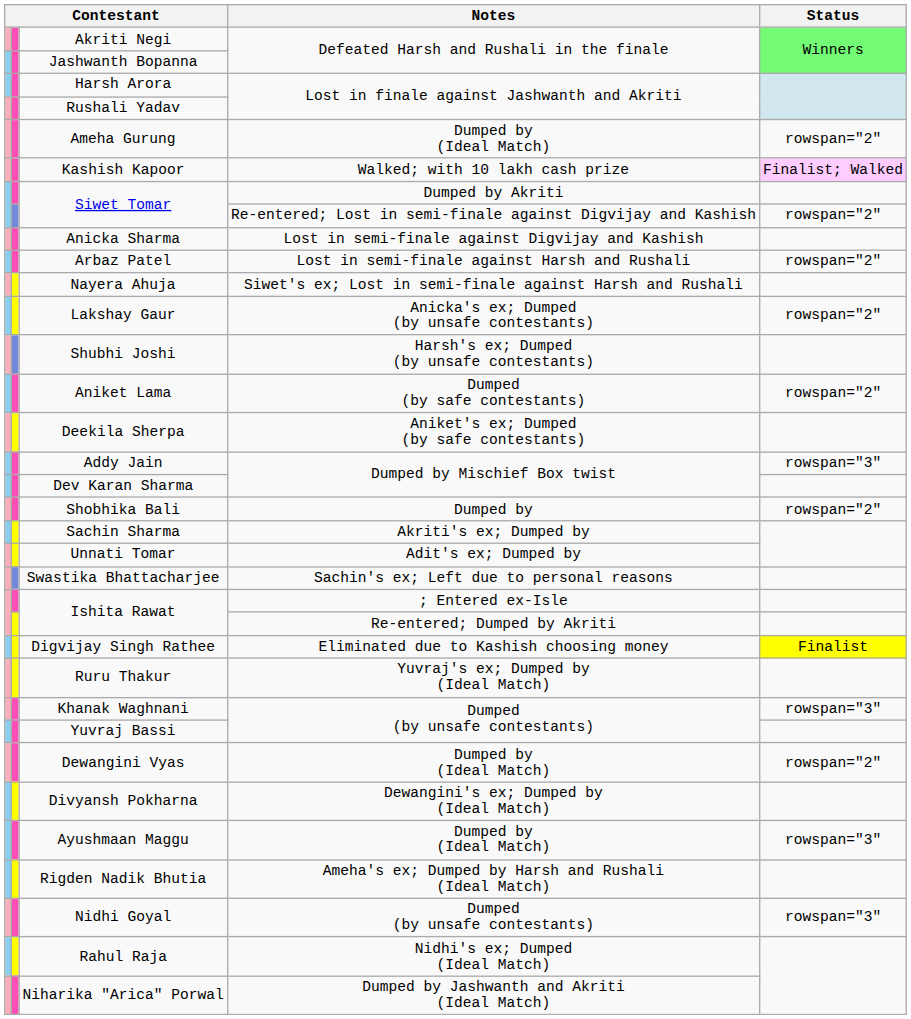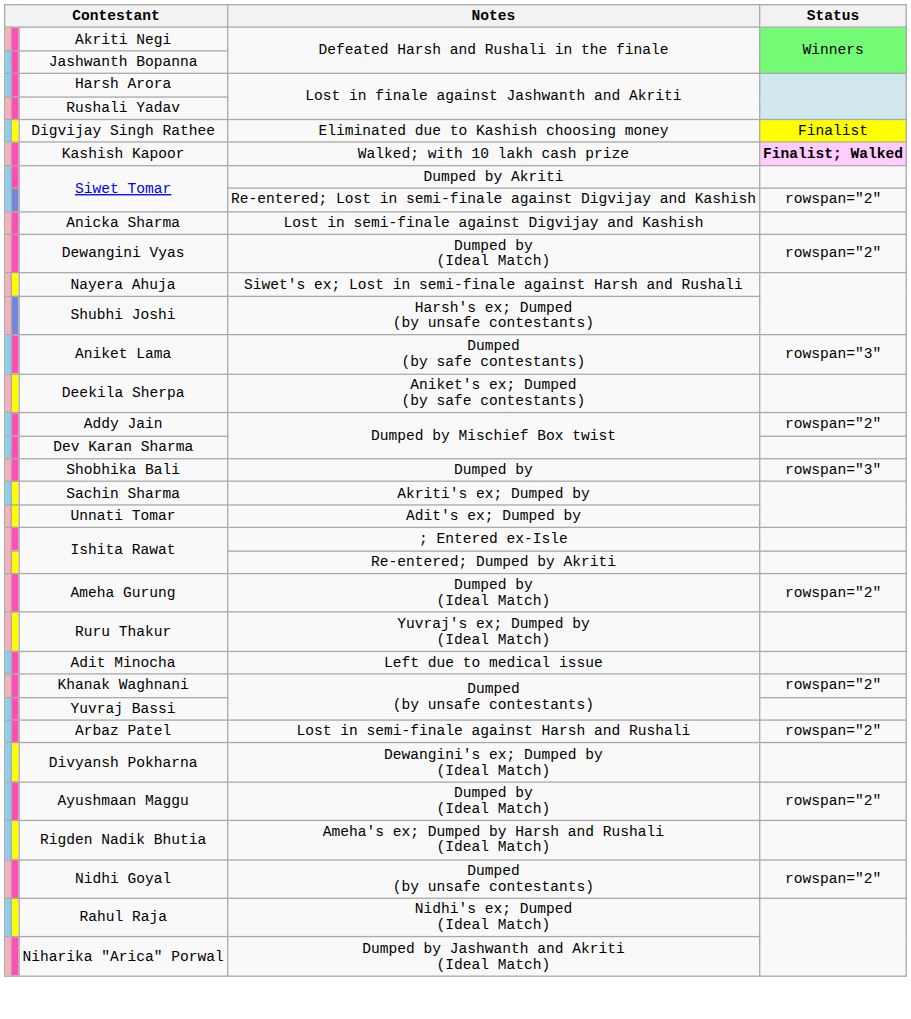 <table class="wikitable sortable" style=" text-align:center; font-size:85%;">
 <tr>
 <th colspan="3">Contestant</th>
 <th>Notes</th>
 <th>Status</th>
 </tr>
 <tr>
 <th style="background:#FAAFBA;"></th>
 <th style="background:#FF4FB6;"></th>
 <td>Akriti Negi</td>
 <td rowspan="2">Defeated Harsh and Rushali in the finale</td>
 <td rowspan="2" style="background:#73FB76;">Winners</td>
 </tr>
 <tr>
 <th style="background:#89CFF0;"></th>
 <th style="background:#FF4FB6;"></th>
 <td>Jashwanth Bopanna</td>
 </tr>
 <tr>
 <th style="background:#89CFF0;"></th>
 <th style="background:#FF4FB6;"></th>
 <td>Harsh Arora</td>
 <td rowspan="2">Lost in finale against Jashwanth and Akriti</td>
 <td rowspan="2" style="background:#D1E8EF;"></td>
 </tr>
 <tr>
 <th style="background:#FAAFBA;"></th>
 <th style="background:#FF4FB6;"></th>
 <td>Rushali Yadav</td>
 </tr>
 <tr>
-<th style="background:#FAAFBA;"></th>
-<th style="background:#FF4FB6;"></th>
-<td>Ameha Gurung</td>
-<td>Dumped by <br>(Ideal Match)</td>
-<td>rowspan="2" </td>
+<th style="background:#89CFF0;"></th>
+<th style="background:#FFFF00;"></th>
+<td>Digvijay Singh Rathee</td>
+<td>Eliminated due to Kashish choosing money</td>
+<td style="background:yellow;">Finalist</td>
 </tr>
 <tr>
 <td style="background:#FAAFBA;"></td>
 <td style="background:#FF4FB6;"></td>
 <td>Kashish Kapoor</td>
 <td>Walked; with 10 lakh cash prize</td>
-<td style="background:#fcf;">Finalist; Walked</td>
+<td style="background:#fcf;"><strong>Finalist; Walked</strong></td>
 </tr>
 <tr>
 <th rowspan="2" style="background:#89CFF0;"></th>
 <th style="background:#FF4FB6;"></th>
 <td rowspan="2"><a href='#'>Siwet Tomar</a></td>
 <td>Dumped by Akriti</td>
 <td></td>
 </tr>
 <tr>
 <th style="background:#7289DA"></th>
 <td>Re-entered; Lost in semi-finale against Digvijay and Kashish</td>
 <td>rowspan="2" </td>
 </tr>
 <tr>
 <th style="background:#FAAFBA;"></th>
 <th style="background:#FF4FB6;"></th>
 <td>Anicka Sharma</td>
 <td>Lost in semi-finale against Digvijay and Kashish</td>
 </tr>
 <tr>
-<th style="background:#89CFF0;"></th>
+<th style="background:#FAAFBA;"></th>
 <th style="background:#FF4FB6;"></th>
-<td>Arbaz Patel</td>
-<td>Lost in semi-finale against Harsh and Rushali</td>
+<td>Dewangini Vyas</td>
+<td>Dumped by <br>(Ideal Match)</td>
 <td>rowspan="2" </td>
 </tr>
 <tr>
 <th style="background:#FAAFBA;"></th>
 <th style="background:#FFFF00;"></th>
 <td>Nayera Ahuja</td>
 <td>Siwet's ex; Lost in semi-finale against Harsh and Rushali</td>
-</tr>
-<tr>
-<th style="background:#89CFF0;"></th>
-<th style="background:#FFFF00;"></th>
-<td>Lakshay Gaur</td>
-<td>Anicka's ex; Dumped<br>(by unsafe contestants)</td>
-<td>rowspan="2" </td>
 </tr>
 <tr>
 <th style="background:#FAAFBA;"></th>
 <th style="background:#7289DA;"></th>
 <td>Shubhi Joshi</td>
 <td>Harsh's ex; Dumped<br>(by unsafe contestants)</td>
 </tr>
 <tr>
 <th style="background:#89CFF0;"></th>
 <th style="background:#FF4FB6;"></th>
 <td>Aniket Lama</td>
 <td>Dumped<br>(by safe contestants)</td>
-<td>rowspan="2" </td>
+<td>rowspan="3" </td>
 </tr>
 <tr>
 <th style="background:#FAAFBA;"></th>
 <th style="background:#FFFF00;"></th>
 <td>Deekila Sherpa</td>
 <td>Aniket's ex; Dumped<br>(by safe contestants)</td>
 </tr>
 <tr>
 <th style="background:#89CFF0;"></th>
 <th style="background:#FF4FB6;"></th>
 <td>Addy Jain</td>
 <td rowspan="2">Dumped by Mischief Box twist</td>
-<td>rowspan="3" </td>
+<td>rowspan="2" </td>
 </tr>
 <tr>
 <th style="background:#89CFF0;"></th>
 <th style="background:#FF4FB6;"></th>
 <td>Dev Karan Sharma</td>
 </tr>
 <tr>
 <th style="background:#FAAFBA;"></th>
 <th style="background:#FF4FB6;"></th>
 <td>Shobhika Bali</td>
 <td>Dumped by </td>
-<td>rowspan="2" </td>
+<td>rowspan="3" </td>
 </tr>
 <tr>
 <th style="background:#89CFF0;"></th>
 <th style="background:#FFFF00;"></th>
 <td>Sachin Sharma</td>
 <td>Akriti's ex; Dumped by </td>
 </tr>
 <tr>
 <th style="background:#FAAFBA;"></th>
 <th style="background:#FFFF00;"></th>
 <td>Unnati Tomar</td>
 <td>Adit's ex; Dumped by </td>
 </tr>
 <tr>
-<th style="background:#FAAFBA;"></th>
-<th style="background:#7289DA;"></th>
-<td>Swastika Bhattacharjee</td>
-<td>Sachin's ex; Left due to personal reasons</td>
-<td></td>
-</tr>
-<tr>
 <th rowspan="2" style="background:#FAAFBA;"></th>
 <th style="background:#FF4FB6;"></th>
 <td rowspan="2">Ishita Rawat</td>
 <td>; Entered ex-Isle</td>
 <td></td>
 </tr>
 <tr>
 <th style="background:#FFFF00;"></th>
 <td>Re-entered; Dumped by Akriti</td>
 <td></td>
 </tr>
 <tr>
-<th style="background:#89CFF0;"></th>
-<th style="background:#FFFF00;"></th>
-<td>Digvijay Singh Rathee</td>
-<td>Eliminated due to Kashish choosing money</td>
-<td style="background:yellow;">Finalist</td>
+<th style="background:#FAAFBA;"></th>
+<th style="background:#FF4FB6;"></th>
+<td>Ameha Gurung</td>
+<td>Dumped by <br>(Ideal Match)</td>
+<td>rowspan="2" </td>
 </tr>
 <tr>
 <th style="background:#FAAFBA;"></th>
 <th style="background:#FFFF00;"></th>
 <td>Ruru Thakur</td>
 <td>Yuvraj's ex; Dumped by <br>(Ideal Match)</td>
 </tr>
 <tr>
+<th style="background:#89CFF0;"></th>
+<th style="background:#FF4FB6;"></th>
+<td>Adit Minocha</td>
+<td>Left due to medical issue</td>
+<td></td>
+</tr>
+<tr>
 <th style="background:#FAAFBA;"></th>
 <th style="background:#FF4FB6;"></th>
 <td>Khanak Waghnani</td>
 <td rowspan="2">Dumped<br>(by unsafe contestants)</td>
-<td>rowspan="3" </td>
+<td>rowspan="2" </td>
 </tr>
 <tr>
 <th style="background:#89CFF0;"></th>
 <th style="background:#FF4FB6;"></th>
 <td>Yuvraj Bassi</td>
 </tr>
 <tr>
-<th style="background:#FAAFBA;"></th>
+<th style="background:#89CFF0;"></th>
 <th style="background:#FF4FB6;"></th>
-<td>Dewangini Vyas</td>
-<td>Dumped by <br>(Ideal Match)</td>
+<td>Arbaz Patel</td>
+<td>Lost in semi-finale against Harsh and Rushali</td>
 <td>rowspan="2" </td>
 </tr>
 <tr>
 <th style="background:#89CFF0;"></th>
 <th style="background:#FFFF00;"></th>
 <td>Divyansh Pokharna</td>
 <td>Dewangini's ex; Dumped by <br>(Ideal Match)</td>
 </tr>
 <tr>
 <th style="background:#89CFF0;"></th>
 <th style="background:#FF4FB6;"></th>
 <td>Ayushmaan Maggu</td>
 <td>Dumped by <br>(Ideal Match)</td>
-<td>rowspan="3" </td>
+<td>rowspan="2" </td>
 </tr>
 <tr>
 <th style="background:#89CFF0;"></th>
 <th style="background:#FFFF00;"></th>
 <td>Rigden Nadik Bhutia</td>
 <td>Ameha's ex; Dumped by Harsh and Rushali<br>(Ideal Match)</td>
 </tr>
 <tr>
 <th style="background:#FAAFBA;"></th>
 <th style="background:#FF4FB6;"></th>
 <td>Nidhi Goyal</td>
 <td>Dumped<br>(by unsafe contestants)</td>
-<td>rowspan="3" </td>
+<td>rowspan="2" </td>
 </tr>
 <tr>
 <th style="background:#89CFF0;"></th>
 <th style="background:#FFFF00;"></th>
 <td>Rahul Raja</td>
 <td>Nidhi's ex; Dumped <br>(Ideal Match)</td>
 </tr>
 <tr>
 <th style="background:#FAAFBA;"></th>
 <th style="background:#FF4FB6;"></th>
 <td>Niharika "Arica" Porwal</td>
 <td>Dumped by Jashwanth and Akriti<br>(Ideal Match)</td>
 </tr>
 </table>
